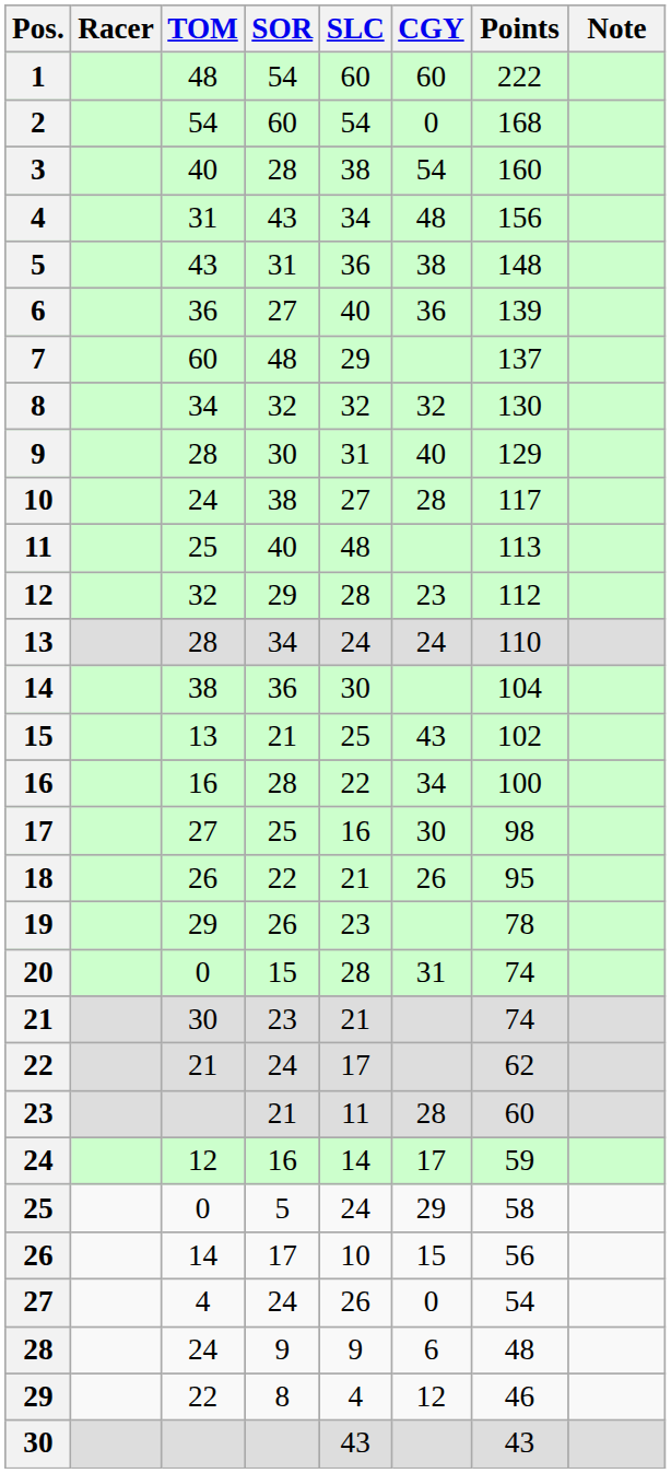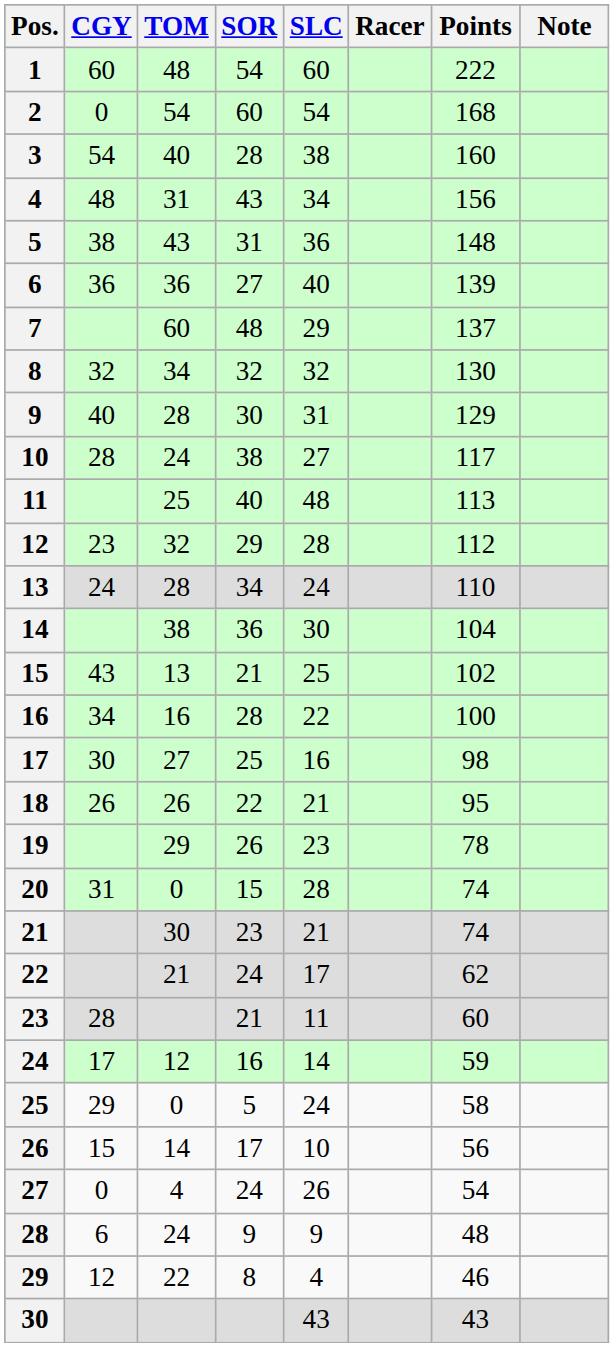 <table class="wikitable sortable plainrowheaders" style="text-align:center;">
 <tr>
 <th scope="col">Pos.</th>
-<th scope="col">Racer</th>
+<th scope="col"> <a href='#'>CGY</a></th>
 <th scope="col"> <a href='#'>TOM</a></th>
 <th scope="col"> <a href='#'>SOR</a></th>
 <th scope="col"> <a href='#'>SLC</a></th>
-<th scope="col"> <a href='#'>CGY</a></th>
+<th scope="col">Racer</th>
 <th style="width:45px;">Points</th>
 <th style="width:45px;">Note</th>
 </tr>
 <tr bgcolor=#ccffcc>
 <th style="text - align:center; ">1</th>
-<td align="left"></td>
+<td>60</td>
 <td>48</td>
 <td>54</td>
 <td>60</td>
-<td>60</td>
+<td align="left"></td>
 <td>222</td>
 <td></td>
 </tr>
 <tr bgcolor=#ccffcc>
 <th style="text - align:center; ">2</th>
-<td align="left"></td>
+<td>0</td>
 <td>54</td>
 <td>60</td>
 <td>54</td>
-<td>0</td>
+<td align="left"></td>
 <td>168</td>
 <td></td>
 </tr>
 <tr bgcolor=#ccffcc>
 <th style="text - align:center; ">3</th>
-<td align="left"></td>
+<td>54</td>
 <td>40</td>
 <td>28</td>
 <td>38</td>
-<td>54</td>
+<td align="left"></td>
 <td>160</td>
 <td></td>
 </tr>
 <tr bgcolor=#ccffcc>
 <th style="text - align:center; ">4</th>
-<td align="left"></td>
+<td>48</td>
 <td>31</td>
 <td>43</td>
 <td>34</td>
-<td>48</td>
+<td align="left"></td>
 <td>156</td>
 <td></td>
 </tr>
 <tr bgcolor=#ccffcc>
 <th style="text - align:center; ">5</th>
-<td align="left"></td>
+<td>38</td>
 <td>43</td>
 <td>31</td>
 <td>36</td>
-<td>38</td>
+<td align="left"></td>
 <td>148</td>
 <td></td>
 </tr>
 <tr bgcolor=#ccffcc>
 <th style="text - align:center; ">6</th>
-<td align="left"></td>
+<td>36</td>
 <td>36</td>
 <td>27</td>
 <td>40</td>
-<td>36</td>
+<td align="left"></td>
 <td>139</td>
 <td></td>
 </tr>
 <tr bgcolor=#ccffcc>
 <th style="text - align:center; ">7</th>
-<td align="left"></td>
+<td></td>
 <td>60</td>
 <td>48</td>
 <td>29</td>
-<td></td>
+<td align="left"></td>
 <td>137</td>
 <td></td>
 </tr>
 <tr bgcolor=#ccffcc>
 <th style="text - align:center; ">8</th>
-<td align="left"></td>
+<td>32</td>
 <td>34</td>
 <td>32</td>
 <td>32</td>
-<td>32</td>
+<td align="left"></td>
 <td>130</td>
 <td></td>
 </tr>
 <tr bgcolor=#ccffcc>
 <th style="text - align:center; ">9</th>
-<td align="left"></td>
+<td>40</td>
 <td>28</td>
 <td>30</td>
 <td>31</td>
-<td>40</td>
+<td align="left"></td>
 <td>129</td>
 <td></td>
 </tr>
 <tr bgcolor=#ccffcc>
 <th style="text - align:center; ">10</th>
-<td align="left"></td>
+<td>28</td>
 <td>24</td>
 <td>38</td>
 <td>27</td>
-<td>28</td>
+<td align="left"></td>
 <td>117</td>
 <td></td>
 </tr>
 <tr bgcolor=#ccffcc>
 <th style="text - align:center; ">11</th>
-<td align="left"></td>
+<td></td>
 <td>25</td>
 <td>40</td>
 <td>48</td>
-<td></td>
+<td align="left"></td>
 <td>113</td>
 <td></td>
 </tr>
 <tr bgcolor=#ccffcc>
 <th style="text - align:center; ">12</th>
-<td align="left"></td>
+<td>23</td>
 <td>32</td>
 <td>29</td>
 <td>28</td>
-<td>23</td>
+<td align="left"></td>
 <td>112</td>
 <td></td>
 </tr>
 <tr bgcolor=#dddddd>
 <th style="text - align:center; ">13</th>
-<td align="left"></td>
+<td>24</td>
 <td>28</td>
 <td>34</td>
 <td>24</td>
-<td>24</td>
+<td align="left"></td>
 <td>110</td>
 <td></td>
 </tr>
 <tr bgcolor=#ccffcc>
 <th style="text - align:center; ">14</th>
-<td align="left"></td>
+<td></td>
 <td>38</td>
 <td>36</td>
 <td>30</td>
-<td></td>
+<td align="left"></td>
 <td>104</td>
 <td></td>
 </tr>
 <tr bgcolor=#ccffcc>
 <th style="text - align:center; ">15</th>
-<td align="left"></td>
+<td>43</td>
 <td>13</td>
 <td>21</td>
 <td>25</td>
-<td>43</td>
+<td align="left"></td>
 <td>102</td>
 <td></td>
 </tr>
 <tr bgcolor=#ccffcc>
 <th style="text - align:center; ">16</th>
-<td align="left"></td>
+<td>34</td>
 <td>16</td>
 <td>28</td>
 <td>22</td>
-<td>34</td>
+<td align="left"></td>
 <td>100</td>
 <td></td>
 </tr>
 <tr bgcolor=#ccffcc>
 <th style="text - align:center; ">17</th>
-<td align="left"></td>
+<td>30</td>
 <td>27</td>
 <td>25</td>
 <td>16</td>
-<td>30</td>
+<td align="left"></td>
 <td>98</td>
 <td></td>
 </tr>
 <tr bgcolor=#ccffcc>
 <th style="text - align:center; ">18</th>
-<td align="left"></td>
+<td>26</td>
 <td>26</td>
 <td>22</td>
 <td>21</td>
-<td>26</td>
+<td align="left"></td>
 <td>95</td>
 <td></td>
 </tr>
 <tr bgcolor=#ccffcc>
 <th style="text - align:center; ">19</th>
-<td align="left"></td>
+<td></td>
 <td>29</td>
 <td>26</td>
 <td>23</td>
-<td></td>
+<td align="left"></td>
 <td>78</td>
 <td></td>
 </tr>
 <tr bgcolor=#ccffcc>
 <th style="text - align:center; ">20</th>
-<td align="left"></td>
+<td>31</td>
 <td>0</td>
 <td>15</td>
 <td>28</td>
-<td>31</td>
+<td align="left"></td>
 <td>74</td>
 <td></td>
 </tr>
 <tr bgcolor=#dddddd>
 <th style="text - align:center; ">21</th>
-<td align="left"></td>
+<td></td>
 <td>30</td>
 <td>23</td>
 <td>21</td>
-<td></td>
+<td align="left"></td>
 <td>74</td>
 <td></td>
 </tr>
 <tr bgcolor=#dddddd>
 <th style="text - align:center; ">22</th>
-<td align="left"></td>
+<td></td>
 <td>21</td>
 <td>24</td>
 <td>17</td>
-<td></td>
+<td align="left"></td>
 <td>62</td>
 <td></td>
 </tr>
 <tr bgcolor=#dddddd>
 <th style="text - align:center; ">23</th>
-<td align="left"></td>
+<td>28</td>
 <td></td>
 <td>21</td>
 <td>11</td>
-<td>28</td>
+<td align="left"></td>
 <td>60</td>
 <td></td>
 </tr>
 <tr bgcolor=#ccffcc>
 <th style="text - align:center; ">24</th>
-<td align="left"></td>
+<td>17</td>
 <td>12</td>
 <td>16</td>
 <td>14</td>
-<td>17</td>
+<td align="left"></td>
 <td>59</td>
 <td></td>
 </tr>
 <tr>
 <th style="text - align:center; ">25</th>
-<td align="left"></td>
+<td>29</td>
 <td>0</td>
 <td>5</td>
 <td>24</td>
-<td>29</td>
+<td align="left"></td>
 <td>58</td>
 <td></td>
 </tr>
 <tr>
 <th style="text - align:center; ">26</th>
-<td align="left"></td>
+<td>15</td>
 <td>14</td>
 <td>17</td>
 <td>10</td>
-<td>15</td>
+<td align="left"></td>
 <td>56</td>
 <td></td>
 </tr>
 <tr>
 <th style="text - align:center; ">27</th>
-<td align="left"></td>
+<td>0</td>
 <td>4</td>
 <td>24</td>
 <td>26</td>
-<td>0</td>
+<td align="left"></td>
 <td>54</td>
 <td></td>
 </tr>
 <tr>
 <th style="text - align:center; ">28</th>
-<td align="left"></td>
+<td>6</td>
 <td>24</td>
 <td>9</td>
 <td>9</td>
-<td>6</td>
+<td align="left"></td>
 <td>48</td>
 <td></td>
 </tr>
 <tr>
 <th style="text - align:center; ">29</th>
-<td align="left"></td>
+<td>12</td>
 <td>22</td>
 <td>8</td>
 <td>4</td>
-<td>12</td>
+<td align="left"></td>
 <td>46</td>
 <td></td>
 </tr>
 <tr bgcolor=#dddddd>
 <th style="text - align:center; ">30</th>
-<td align="left"></td>
+<td></td>
 <td></td>
 <td></td>
 <td>43</td>
-<td></td>
+<td align="left"></td>
 <td>43</td>
 <td></td>
 </tr>
 </table>
